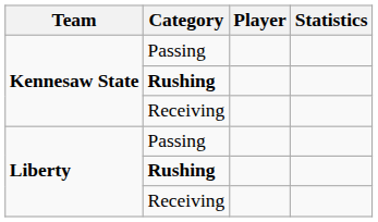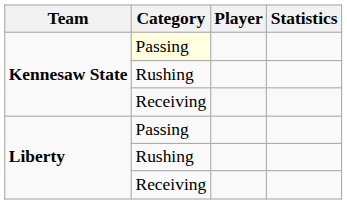 <table class="wikitable" style="float: right;">
 <tr>
 <th>Team</th>
 <th>Category</th>
 <th>Player</th>
 <th>Statistics</th>
 </tr>
 <tr>
 <td rowspan=3><strong>Kennesaw State</strong></td>
-<td>Passing</td>
+<td style="background: lightyellow;">Passing</td>
 <td></td>
 <td></td>
 </tr>
 <tr>
-<td><strong>Rushing</strong></td>
+<td>Rushing</td>
 <td></td>
 <td></td>
 </tr>
 <tr>
 <td>Receiving</td>
 <td></td>
 <td></td>
 </tr>
 <tr>
 <td rowspan=3><strong>Liberty</strong></td>
 <td>Passing</td>
 <td></td>
 <td></td>
 </tr>
 <tr>
-<td><strong>Rushing</strong></td>
+<td>Rushing</td>
 <td></td>
 <td></td>
 </tr>
 <tr>
 <td>Receiving</td>
 <td></td>
 <td></td>
 </tr>
 </table>
